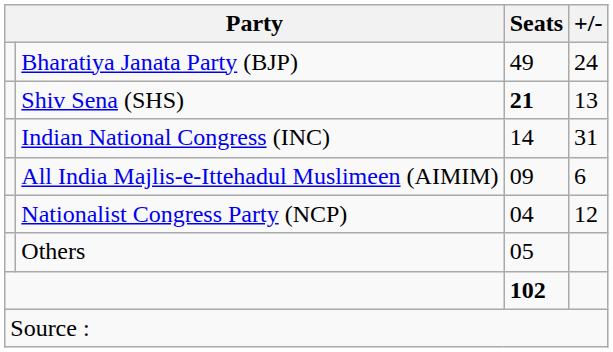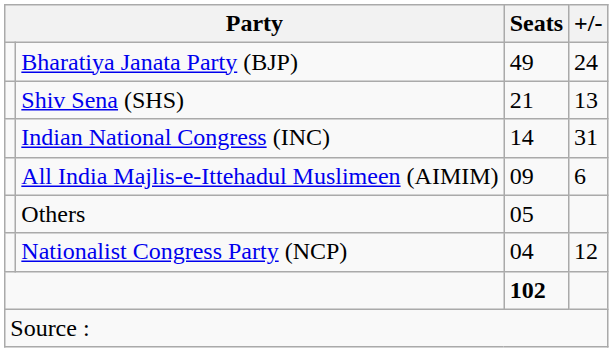 <table class="sortable wikitable">
 <tr>
 <th colspan="2">Party</th>
 <th>Seats</th>
 <th>+/-</th>
 </tr>
 <tr>
 <td style="background-color: "></td>
 <td><a href='#'>Bharatiya Janata Party</a> (BJP)</td>
 <td>49</td>
 <td> 24</td>
 </tr>
 <tr>
 <td style="background-color: "></td>
 <td><a href='#'>Shiv Sena</a> (SHS)</td>
-<td><strong>21</strong></td>
+<td>21</td>
 <td> 13</td>
 </tr>
 <tr>
 <td style="background-color: "></td>
 <td><a href='#'>Indian National Congress</a> (INC)</td>
 <td>14</td>
 <td> 31</td>
 </tr>
 <tr>
 <td style="background-color: "></td>
 <td><a href='#'>All India Majlis-e-Ittehadul Muslimeen</a> (AIMIM)</td>
 <td>09</td>
 <td> 6</td>
 </tr>
 <tr>
 <td style="background-color: "></td>
+<td>Others</td>
+<td>05</td>
+<td></td>
+</tr>
+<tr>
+<td style="background-color: "></td>
 <td><a href='#'>Nationalist Congress Party</a> (NCP)</td>
 <td>04</td>
 <td> 12</td>
-</tr>
-<tr>
-<td style="background-color: "></td>
-<td>Others</td>
-<td>05</td>
-<td></td>
 </tr>
 <tr>
 <td colspan="2"></td>
 <td><strong>102</strong></td>
 </tr>
 <tr>
 <td colspan="4">Source :</td>
 </tr>
 </table>
